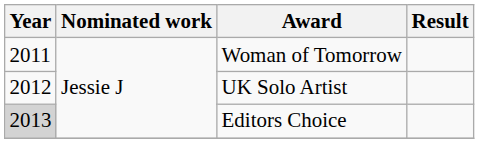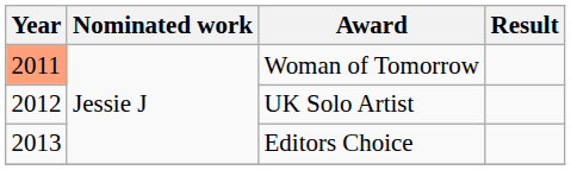 <table class="wikitable">
 <tr>
 <th>Year</th>
 <th>Nominated work</th>
 <th>Award</th>
 <th>Result</th>
 </tr>
 <tr>
-<td>2011</td>
+<td style="background: lightsalmon;">2011</td>
 <td rowspan="3">Jessie J</td>
 <td>Woman of Tomorrow</td>
 <td></td>
 </tr>
 <tr>
 <td>2012</td>
 <td>UK Solo Artist</td>
 <td></td>
 </tr>
 <tr>
-<td style="background: lightgrey;">2013</td>
+<td>2013</td>
 <td>Editors Choice</td>
 <td></td>
 </tr>
 <tr>
 </tr>
 </table>
